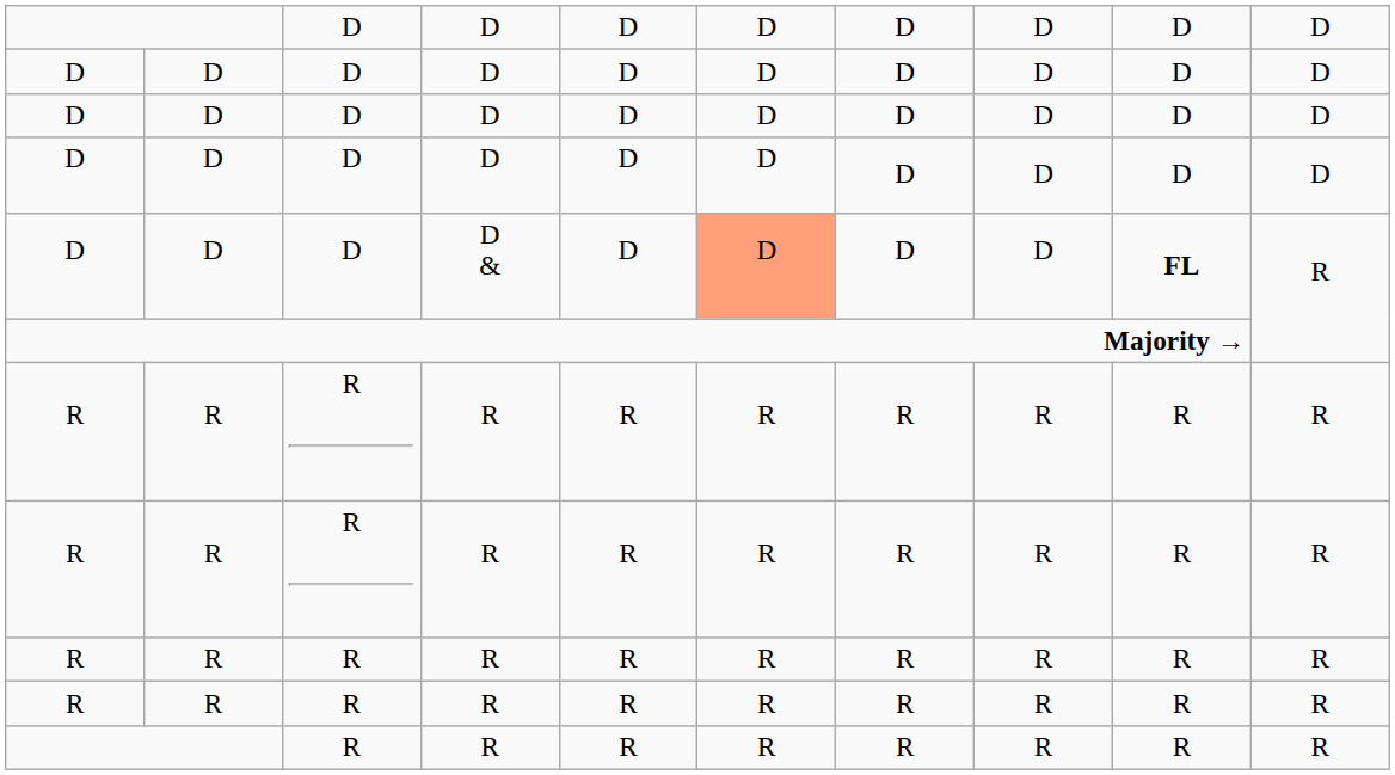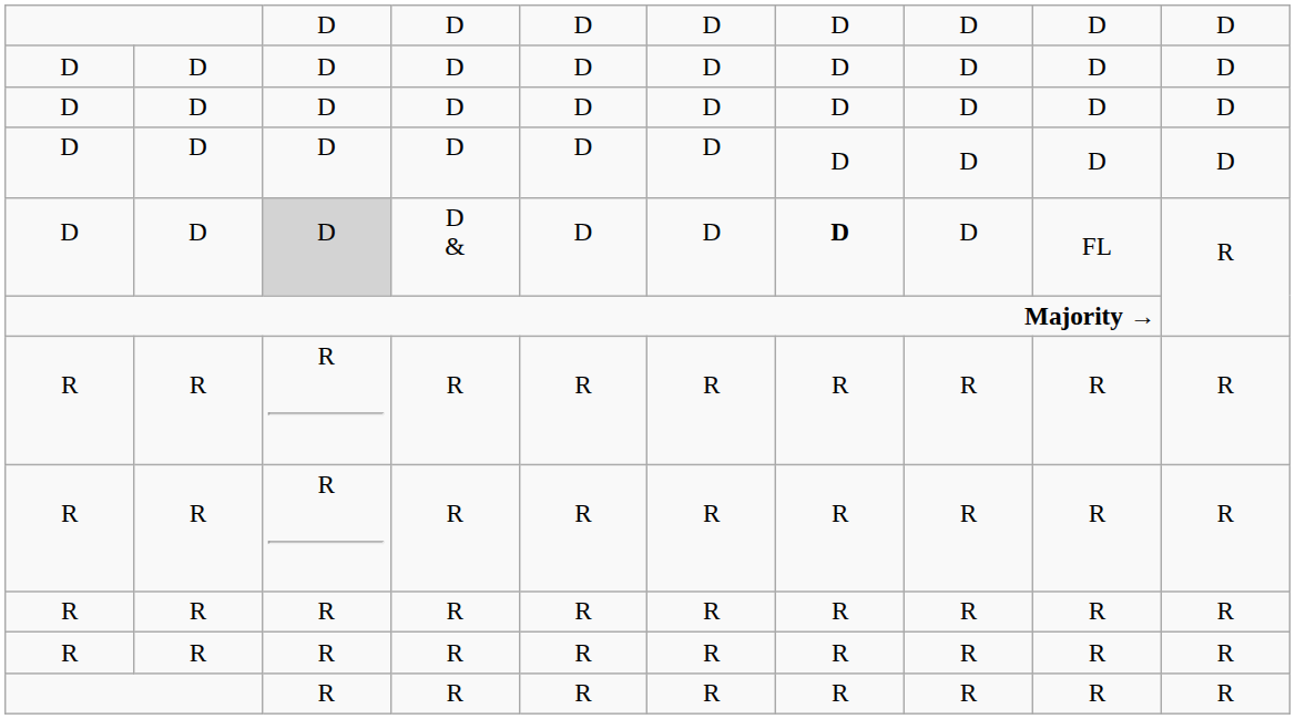 <table class="wikitable" style="text-align:center" width=800px>
 <tr>
 <td colspan=2> </td>
 <td>D</td>
 <td>D</td>
 <td>D</td>
 <td>D</td>
 <td>D</td>
 <td>D</td>
 <td>D</td>
 <td>D</td>
 </tr>
 <tr>
 <td width=50px >D</td>
 <td width=50px >D</td>
 <td width=50px >D</td>
 <td width=50px >D</td>
 <td width=50px >D</td>
 <td width=50px >D</td>
 <td width=50px >D</td>
 <td width=50px >D</td>
 <td width=50px >D</td>
 <td width=50px >D</td>
 </tr>
 <tr>
 <td>D</td>
 <td>D</td>
 <td>D</td>
 <td>D</td>
 <td>D</td>
 <td>D</td>
 <td>D</td>
 <td>D</td>
 <td>D</td>
 <td>D</td>
 </tr>
 <tr>
 <td>D<br><br></td>
 <td>D<br><br></td>
 <td>D<br><br></td>
 <td>D<br><br></td>
 <td>D<br><br></td>
 <td>D<br><br></td>
 <td>D</td>
 <td>D</td>
 <td>D</td>
 <td>D</td>
 </tr>
 <tr>
 <td>D<br><br></td>
 <td>D<br><br></td>
-<td>D<br><br></td>
+<td style="background: lightgrey;">D<br><br></td>
 <td>D<br> &<br><br></td>
 <td>D<br><br></td>
-<td style="background: lightsalmon;">D<br><br></td>
 <td>D<br><br></td>
+<td><strong>D<br><br></strong></td>
 <td>D<br><br></td>
-<td><strong>FL</strong></td>
+<td>FL</td>
 <td rowspan=2 >R<br><br></td>
 </tr>
 <tr>
 <td colspan=9 align=right><strong>Majority →</strong></td>
 </tr>
 <tr>
 <td>R<br><br></td>
 <td>R<br><br></td>
 <td>R<br><br><hr><br></td>
 <td>R<br><br></td>
 <td>R<br><br></td>
 <td>R<br><br></td>
 <td>R<br><br></td>
 <td>R<br><br></td>
 <td>R<br><br></td>
 <td>R<br><br></td>
 </tr>
 <tr>
 <td>R<br><br></td>
 <td>R<br><br></td>
 <td>R<br><br><hr><br></td>
 <td>R<br><br></td>
 <td>R<br><br></td>
 <td>R<br><br></td>
 <td>R<br><br></td>
 <td>R<br><br></td>
 <td>R<br><br></td>
 <td>R<br><br></td>
 </tr>
 <tr>
 <td>R</td>
 <td>R</td>
 <td>R</td>
 <td>R</td>
 <td>R</td>
 <td>R</td>
 <td>R</td>
 <td>R</td>
 <td>R</td>
 <td>R</td>
 </tr>
 <tr>
 <td>R</td>
 <td>R</td>
 <td>R</td>
 <td>R</td>
 <td>R</td>
 <td>R</td>
 <td>R</td>
 <td>R</td>
 <td>R</td>
 <td>R</td>
 </tr>
 <tr>
 <td colspan=2></td>
 <td>R</td>
 <td>R</td>
 <td>R</td>
 <td>R</td>
 <td>R</td>
 <td>R</td>
 <td>R</td>
 <td>R</td>
 </tr>
 </table>
